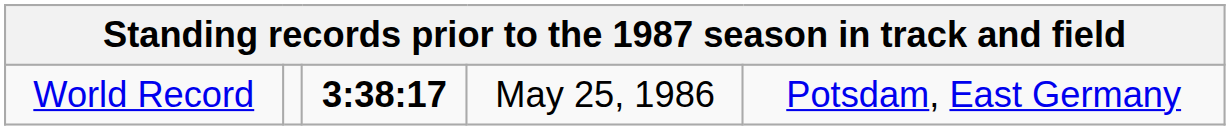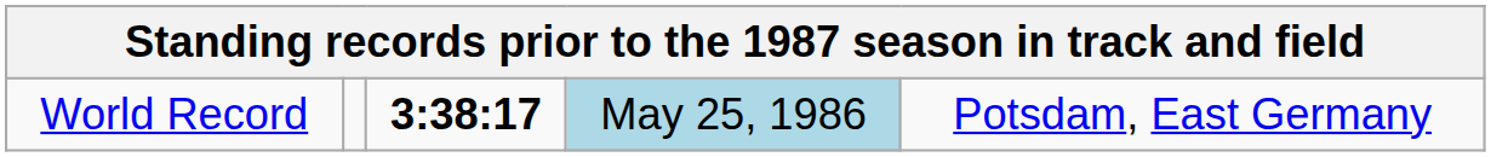 <table class="wikitable" style=" text-align:center; font-size:110%;" width="95%">
 <tr>
 <th colspan="5">Standing records prior to the 1987 season in track and field</th>
 </tr>
 <tr>
 <td><a href='#'>World Record</a></td>
 <td></td>
 <td><strong>3:38:17</strong></td>
-<td>May 25, 1986</td>
+<td style="background: lightblue;">May 25, 1986</td>
 <td> <a href='#'>Potsdam</a>, <a href='#'>East Germany</a></td>
 </tr>
 </table>
